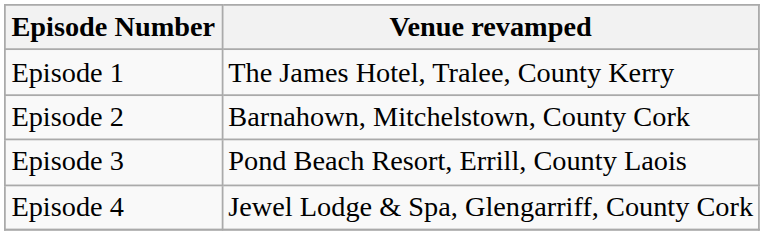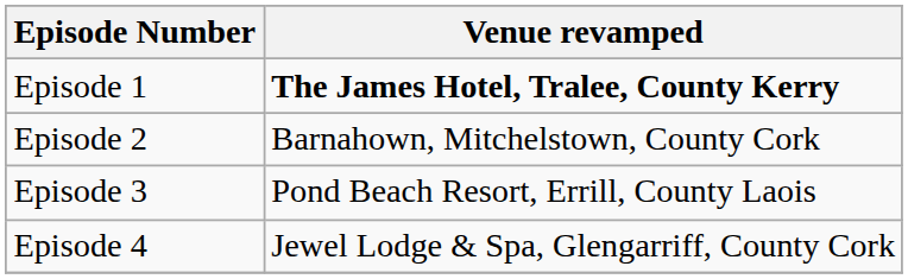 <table class="wikitable">
 <tr>
 <th>Episode Number</th>
 <th>Venue revamped</th>
 </tr>
 <tr>
 <td>Episode 1</td>
-<td>The James Hotel, Tralee, County Kerry</td>
+<td><strong>The James Hotel, Tralee, County Kerry</strong></td>
 </tr>
 <tr>
 <td>Episode 2</td>
 <td>Barnahown, Mitchelstown, County Cork</td>
 </tr>
 <tr>
 <td>Episode 3</td>
 <td>Pond Beach Resort, Errill, County Laois</td>
 </tr>
 <tr>
 <td>Episode 4</td>
 <td>Jewel Lodge & Spa, Glengarriff, County Cork</td>
 </tr>
 <tr>
 </tr>
 </table>
